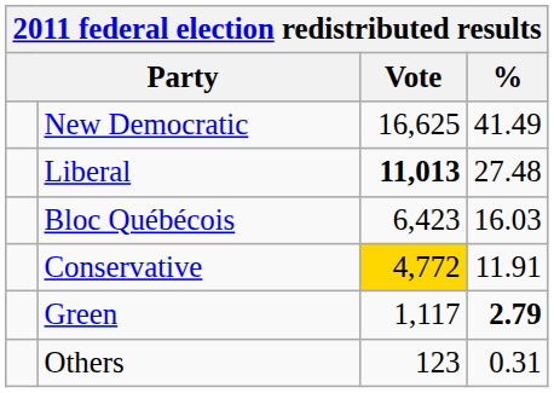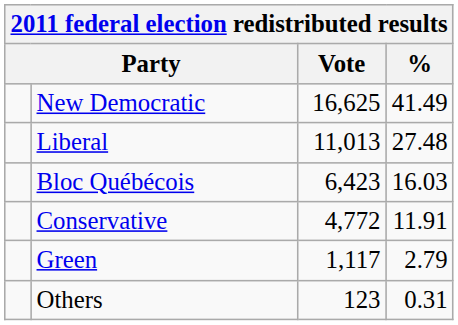 <table class="wikitable">
 <tr>
 <th colspan="4"><a href='#'>2011 federal election</a> redistributed results</th>
 </tr>
 <tr>
 <th bgcolor="#DDDDFF" width="130px" colspan="2">Party</th>
 <th bgcolor="#DDDDFF" width="50px">Vote</th>
 <th bgcolor="#DDDDFF" width="30px">%</th>
 </tr>
 <tr>
 <td> </td>
 <td><a href='#'>New Democratic</a></td>
 <td align=right>16,625</td>
 <td align=right>41.49</td>
 </tr>
 <tr>
 <td> </td>
 <td><a href='#'>Liberal</a></td>
-<td align=right><strong>11,013</strong></td>
+<td align=right>11,013</td>
 <td align=right>27.48</td>
 </tr>
 <tr>
 <td> </td>
 <td><a href='#'>Bloc Québécois</a></td>
 <td align=right>6,423</td>
 <td align=right>16.03</td>
 </tr>
 <tr>
 <td> </td>
 <td><a href='#'>Conservative</a></td>
-<td align=right style="background: gold;">4,772</td>
+<td align=right>4,772</td>
 <td align=right>11.91</td>
 </tr>
 <tr>
 <td> </td>
 <td><a href='#'>Green</a></td>
 <td align=right>1,117</td>
-<td align=right><strong>2.79</strong></td>
+<td align=right>2.79</td>
 </tr>
 <tr>
 <td> </td>
 <td>Others</td>
 <td align=right>123</td>
 <td align=right>0.31</td>
 </tr>
 </table>
